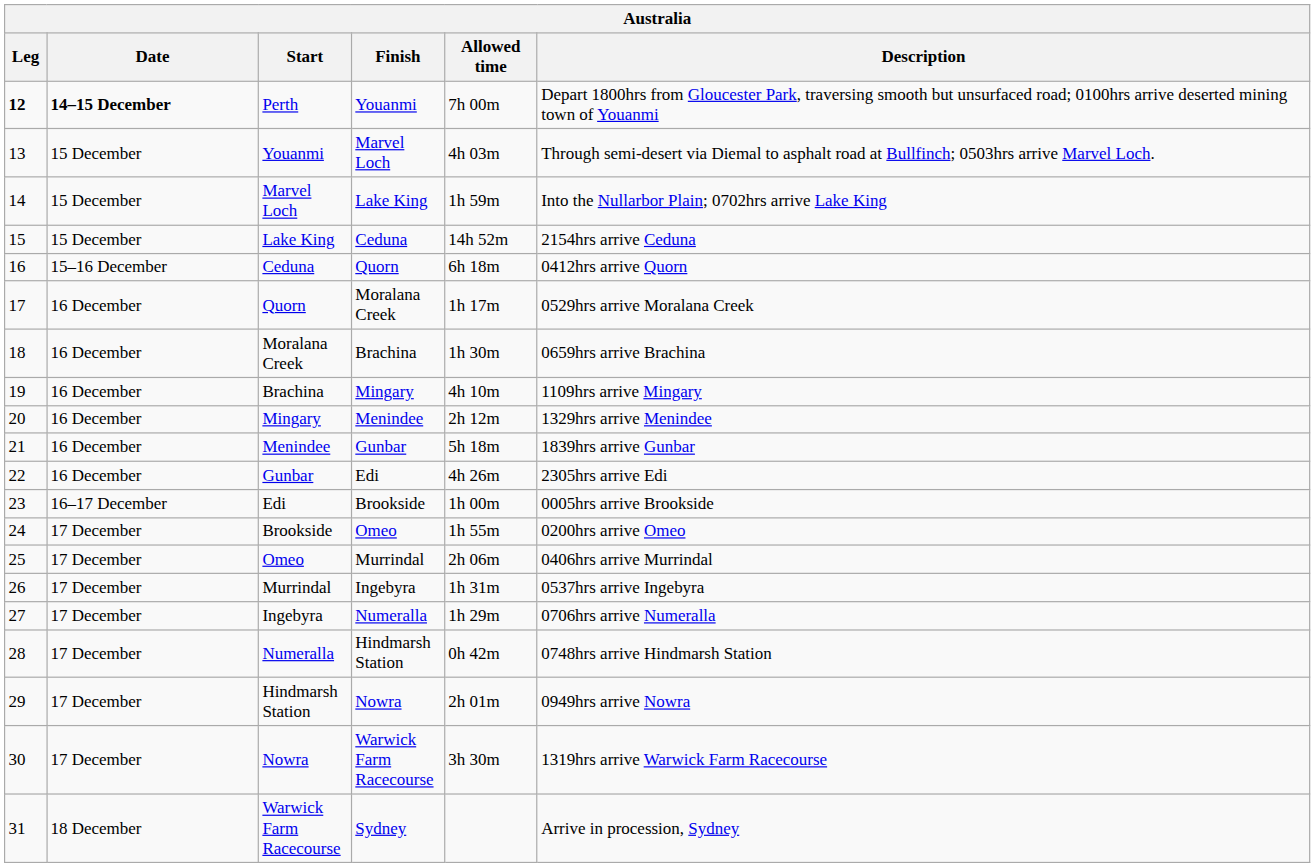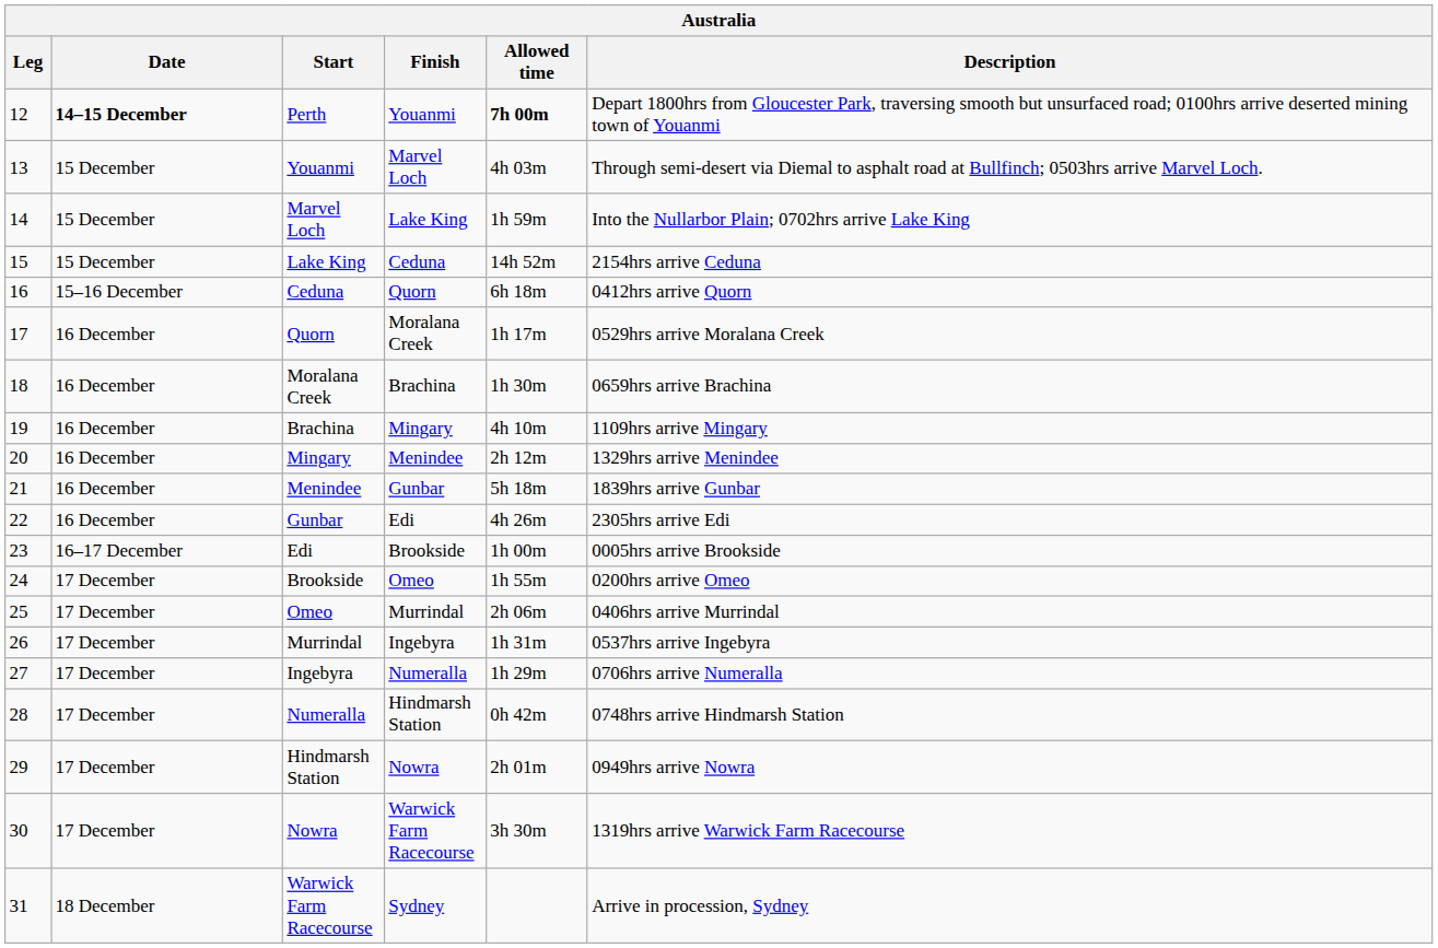 <table class="wikitable" style="font-size:90%;">
 <tr>
 <th colspan=6 align=right>Australia</th>
 </tr>
 <tr>
 <th style="width:2em">Leg</th>
 <th style="width:12em">Date</th>
 <th style="width:5em">Start</th>
 <th style="width:5em">Finish</th>
 <th style="width:5em">Allowed time</th>
 <th style="width:45em">Description</th>
 </tr>
 <tr>
-<td><strong>12</strong></td>
+<td>12</td>
 <td><strong>14–15 December</strong></td>
 <td><a href='#'>Perth</a></td>
 <td><a href='#'>Youanmi</a></td>
-<td>7h 00m</td>
+<td><strong>7h 00m</strong></td>
 <td>Depart 1800hrs from <a href='#'>Gloucester Park</a>, traversing smooth but unsurfaced road; 0100hrs arrive deserted mining town of <a href='#'>Youanmi</a></td>
 </tr>
 <tr>
 <td>13</td>
 <td>15 December</td>
 <td><a href='#'>Youanmi</a></td>
 <td><a href='#'>Marvel Loch</a></td>
 <td>4h 03m</td>
 <td>Through semi-desert via Diemal to asphalt road at <a href='#'>Bullfinch</a>; 0503hrs arrive <a href='#'>Marvel Loch</a>.</td>
 </tr>
 <tr>
 <td>14</td>
 <td>15 December</td>
 <td><a href='#'>Marvel Loch</a></td>
 <td><a href='#'>Lake King</a></td>
 <td>1h 59m</td>
 <td>Into the <a href='#'>Nullarbor Plain</a>; 0702hrs arrive <a href='#'>Lake King</a></td>
 </tr>
 <tr>
 <td>15</td>
 <td>15 December</td>
 <td><a href='#'>Lake King</a></td>
 <td><a href='#'>Ceduna</a></td>
 <td>14h 52m</td>
 <td>2154hrs arrive <a href='#'>Ceduna</a></td>
 </tr>
 <tr>
 <td>16</td>
 <td>15–16 December</td>
 <td><a href='#'>Ceduna</a></td>
 <td><a href='#'>Quorn</a></td>
 <td>6h 18m</td>
 <td>0412hrs arrive <a href='#'>Quorn</a></td>
 </tr>
 <tr>
 <td>17</td>
 <td>16 December</td>
 <td><a href='#'>Quorn</a></td>
 <td>Moralana Creek</td>
 <td>1h 17m</td>
 <td>0529hrs arrive Moralana Creek</td>
 </tr>
 <tr>
 <td>18</td>
 <td>16 December</td>
 <td>Moralana Creek</td>
 <td>Brachina</td>
 <td>1h 30m</td>
 <td>0659hrs arrive Brachina</td>
 </tr>
 <tr>
 <td>19</td>
 <td>16 December</td>
 <td>Brachina</td>
 <td><a href='#'>Mingary</a></td>
 <td>4h 10m</td>
 <td>1109hrs arrive <a href='#'>Mingary</a></td>
 </tr>
 <tr>
 <td>20</td>
 <td>16 December</td>
 <td><a href='#'>Mingary</a></td>
 <td><a href='#'>Menindee</a></td>
 <td>2h 12m</td>
 <td>1329hrs arrive <a href='#'>Menindee</a></td>
 </tr>
 <tr>
 <td>21</td>
 <td>16 December</td>
 <td><a href='#'>Menindee</a></td>
 <td><a href='#'>Gunbar</a></td>
 <td>5h 18m</td>
 <td>1839hrs arrive <a href='#'>Gunbar</a></td>
 </tr>
 <tr>
 <td>22</td>
 <td>16 December</td>
 <td><a href='#'>Gunbar</a></td>
 <td>Edi</td>
 <td>4h 26m</td>
 <td>2305hrs arrive Edi</td>
 </tr>
 <tr>
 <td>23</td>
 <td>16–17 December</td>
 <td>Edi</td>
 <td>Brookside</td>
 <td>1h 00m</td>
 <td>0005hrs arrive Brookside</td>
 </tr>
 <tr>
 <td>24</td>
 <td>17 December</td>
 <td>Brookside</td>
 <td><a href='#'>Omeo</a></td>
 <td>1h 55m</td>
 <td>0200hrs arrive <a href='#'>Omeo</a></td>
 </tr>
 <tr>
 <td>25</td>
 <td>17 December</td>
 <td><a href='#'>Omeo</a></td>
 <td>Murrindal</td>
 <td>2h 06m</td>
 <td>0406hrs arrive Murrindal</td>
 </tr>
 <tr>
 <td>26</td>
 <td>17 December</td>
 <td>Murrindal</td>
 <td>Ingebyra</td>
 <td>1h 31m</td>
 <td>0537hrs arrive Ingebyra</td>
 </tr>
 <tr>
 <td>27</td>
 <td>17 December</td>
 <td>Ingebyra</td>
 <td><a href='#'>Numeralla</a></td>
 <td>1h 29m</td>
 <td>0706hrs arrive <a href='#'>Numeralla</a></td>
 </tr>
 <tr>
 <td>28</td>
 <td>17 December</td>
 <td><a href='#'>Numeralla</a></td>
 <td>Hindmarsh Station</td>
 <td>0h 42m</td>
 <td>0748hrs arrive Hindmarsh Station</td>
 </tr>
 <tr>
 <td>29</td>
 <td>17 December</td>
 <td>Hindmarsh Station</td>
 <td><a href='#'>Nowra</a></td>
 <td>2h 01m</td>
 <td>0949hrs arrive <a href='#'>Nowra</a></td>
 </tr>
 <tr>
 <td>30</td>
 <td>17 December</td>
 <td><a href='#'>Nowra</a></td>
 <td><a href='#'>Warwick Farm Racecourse</a></td>
 <td>3h 30m</td>
 <td>1319hrs arrive <a href='#'>Warwick Farm Racecourse</a></td>
 </tr>
 <tr>
 <td>31</td>
 <td>18 December</td>
 <td><a href='#'>Warwick Farm Racecourse</a></td>
 <td><a href='#'>Sydney</a></td>
 <td></td>
 <td>Arrive in procession, <a href='#'>Sydney</a></td>
 </tr>
 </table>
